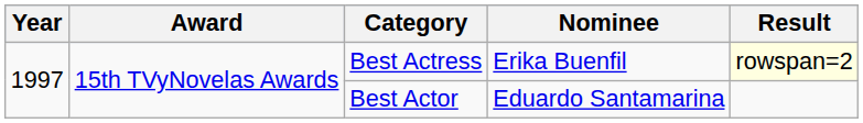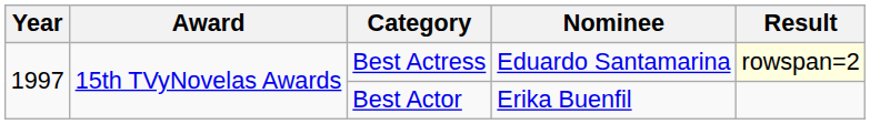 <table class="wikitable">
 <tr style="background:#b0c4de;">
 <th>Year</th>
 <th>Award</th>
 <th>Category</th>
 <th>Nominee</th>
 <th>Result</th>
 </tr>
 <tr>
 <td rowspan=2>1997</td>
 <td rowspan=2><a href='#'>15th TVyNovelas Awards</a></td>
 <td><a href='#'>Best Actress</a></td>
-<td><a href='#'>Erika Buenfil</a></td>
+<td><a href='#'>Eduardo Santamarina</a></td>
 <td style="background: lightyellow;">rowspan=2 </td>
 </tr>
 <tr>
 <td><a href='#'>Best Actor</a></td>
-<td><a href='#'>Eduardo Santamarina</a></td>
+<td><a href='#'>Erika Buenfil</a></td>
 </tr>
 </table>
